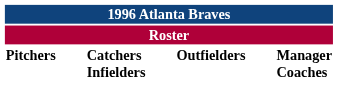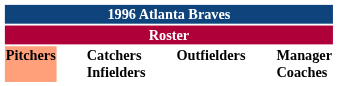 <table class="toccolours" style="font-size: 95%;">
 <tr>
 <th colspan="10" style="background-color: #0f437c; color: white; text-align: center;">1996 Atlanta Braves</th>
 </tr>
 <tr>
 <td colspan="10" style="background-color:#af0039; color: white; text-align: center;"><strong>Roster</strong></td>
 </tr>
 <tr>
-<td valign="top"><strong>Pitchers</strong><br>                 </td>
+<td valign="top" style="background: lightsalmon;"><strong>Pitchers</strong><br>                 </td>
 <td width="25px"></td>
 <td valign="top"><strong>Catchers</strong><br>   <strong>Infielders</strong>           </td>
 <td width="25px"></td>
 <td valign="top"><strong>Outfielders</strong><br>         </td>
 <td width="25px"></td>
 <td valign="top"><strong>Manager</strong><br> <strong>Coaches</strong>      </td>
 </tr>
 </table>
